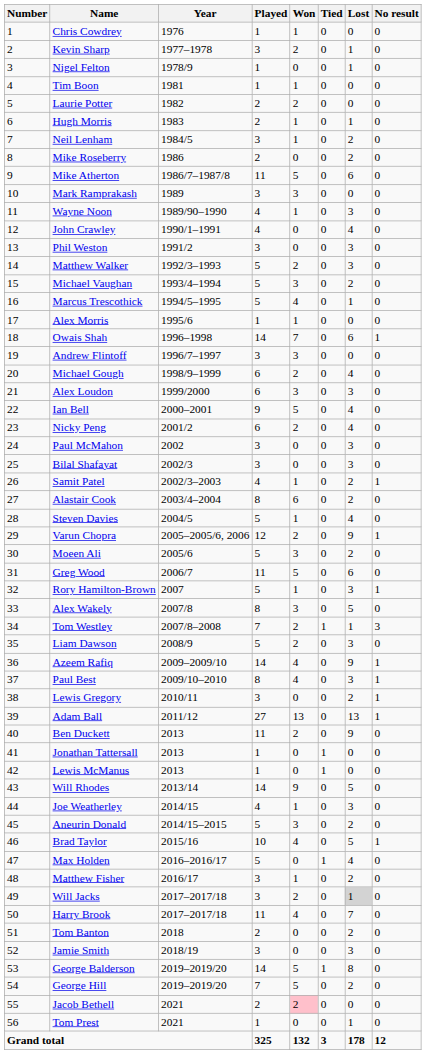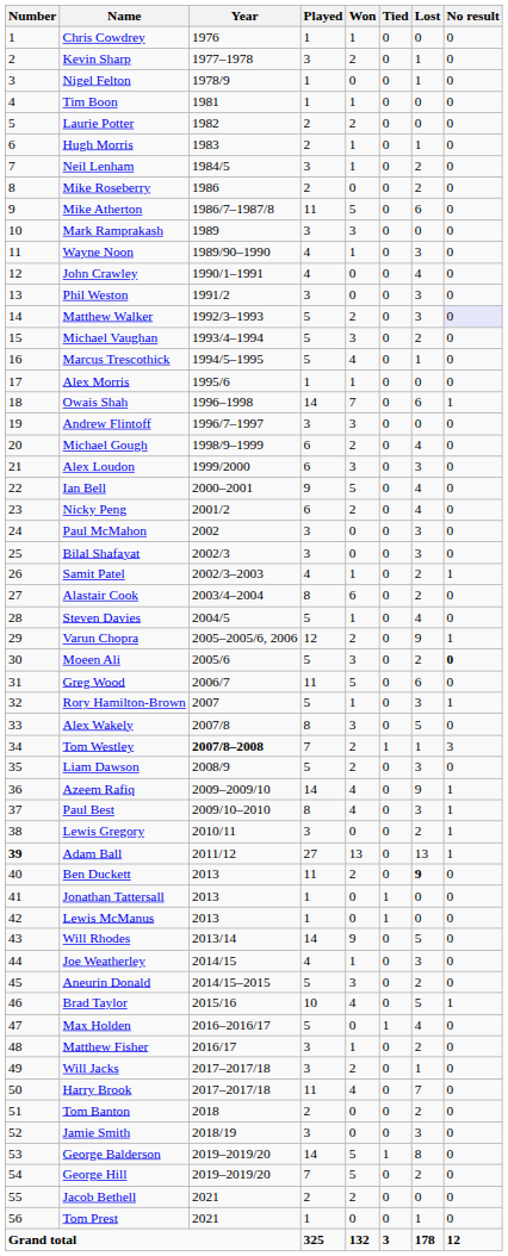 <table class="wikitable">
 <tr>
 <th>Number</th>
 <th>Name</th>
 <th>Year</th>
 <th>Played</th>
 <th>Won</th>
 <th>Tied</th>
 <th>Lost</th>
 <th>No result</th>
 </tr>
 <tr>
 <td>1</td>
 <td><a href='#'>Chris Cowdrey</a></td>
 <td>1976</td>
 <td>1</td>
 <td>1</td>
 <td>0</td>
 <td>0</td>
 <td>0</td>
 </tr>
 <tr>
 <td>2</td>
 <td><a href='#'>Kevin Sharp</a></td>
 <td>1977–1978</td>
 <td>3</td>
 <td>2</td>
 <td>0</td>
 <td>1</td>
 <td>0</td>
 </tr>
 <tr>
 <td>3</td>
 <td><a href='#'>Nigel Felton</a></td>
 <td>1978/9</td>
 <td>1</td>
 <td>0</td>
 <td>0</td>
 <td>1</td>
 <td>0</td>
 </tr>
 <tr>
 <td>4</td>
 <td><a href='#'>Tim Boon</a></td>
 <td>1981</td>
 <td>1</td>
 <td>1</td>
 <td>0</td>
 <td>0</td>
 <td>0</td>
 </tr>
 <tr>
 <td>5</td>
 <td><a href='#'>Laurie Potter</a></td>
 <td>1982</td>
 <td>2</td>
 <td>2</td>
 <td>0</td>
 <td>0</td>
 <td>0</td>
 </tr>
 <tr>
 <td>6</td>
 <td><a href='#'>Hugh Morris</a></td>
 <td>1983</td>
 <td>2</td>
 <td>1</td>
 <td>0</td>
 <td>1</td>
 <td>0</td>
 </tr>
 <tr>
 <td>7</td>
 <td><a href='#'>Neil Lenham</a></td>
 <td>1984/5</td>
 <td>3</td>
 <td>1</td>
 <td>0</td>
 <td>2</td>
 <td>0</td>
 </tr>
 <tr>
 <td>8</td>
 <td><a href='#'>Mike Roseberry</a></td>
 <td>1986</td>
 <td>2</td>
 <td>0</td>
 <td>0</td>
 <td>2</td>
 <td>0</td>
 </tr>
 <tr>
 <td>9</td>
 <td><a href='#'>Mike Atherton</a></td>
 <td>1986/7–1987/8</td>
 <td>11</td>
 <td>5</td>
 <td>0</td>
 <td>6</td>
 <td>0</td>
 </tr>
 <tr>
 <td>10</td>
 <td><a href='#'>Mark Ramprakash</a></td>
 <td>1989</td>
 <td>3</td>
 <td>3</td>
 <td>0</td>
 <td>0</td>
 <td>0</td>
 </tr>
 <tr>
 <td>11</td>
 <td><a href='#'>Wayne Noon</a></td>
 <td>1989/90–1990</td>
 <td>4</td>
 <td>1</td>
 <td>0</td>
 <td>3</td>
 <td>0</td>
 </tr>
 <tr>
 <td>12</td>
 <td><a href='#'>John Crawley</a></td>
 <td>1990/1–1991</td>
 <td>4</td>
 <td>0</td>
 <td>0</td>
 <td>4</td>
 <td>0</td>
 </tr>
 <tr>
 <td>13</td>
 <td><a href='#'>Phil Weston</a></td>
 <td>1991/2</td>
 <td>3</td>
 <td>0</td>
 <td>0</td>
 <td>3</td>
 <td>0</td>
 </tr>
 <tr>
 <td>14</td>
 <td><a href='#'>Matthew Walker</a></td>
 <td>1992/3–1993</td>
 <td>5</td>
 <td>2</td>
 <td>0</td>
 <td>3</td>
-<td>0</td>
+<td style="background: lavender;">0</td>
 </tr>
 <tr>
 <td>15</td>
 <td><a href='#'>Michael Vaughan</a></td>
 <td>1993/4–1994</td>
 <td>5</td>
 <td>3</td>
 <td>0</td>
 <td>2</td>
 <td>0</td>
 </tr>
 <tr>
 <td>16</td>
 <td><a href='#'>Marcus Trescothick</a></td>
 <td>1994/5–1995</td>
 <td>5</td>
 <td>4</td>
 <td>0</td>
 <td>1</td>
 <td>0</td>
 </tr>
 <tr>
 <td>17</td>
 <td><a href='#'>Alex Morris</a></td>
 <td>1995/6</td>
 <td>1</td>
 <td>1</td>
 <td>0</td>
 <td>0</td>
 <td>0</td>
 </tr>
 <tr>
 <td>18</td>
 <td><a href='#'>Owais Shah</a></td>
 <td>1996–1998</td>
 <td>14</td>
 <td>7</td>
 <td>0</td>
 <td>6</td>
 <td>1</td>
 </tr>
 <tr>
 <td>19</td>
 <td><a href='#'>Andrew Flintoff</a></td>
 <td>1996/7–1997</td>
 <td>3</td>
 <td>3</td>
 <td>0</td>
 <td>0</td>
 <td>0</td>
 </tr>
 <tr>
 <td>20</td>
 <td><a href='#'>Michael Gough</a></td>
 <td>1998/9–1999</td>
 <td>6</td>
 <td>2</td>
 <td>0</td>
 <td>4</td>
 <td>0</td>
 </tr>
 <tr>
 <td>21</td>
 <td><a href='#'>Alex Loudon</a></td>
 <td>1999/2000</td>
 <td>6</td>
 <td>3</td>
 <td>0</td>
 <td>3</td>
 <td>0</td>
 </tr>
 <tr>
 <td>22</td>
 <td><a href='#'>Ian Bell</a></td>
 <td>2000–2001</td>
 <td>9</td>
 <td>5</td>
 <td>0</td>
 <td>4</td>
 <td>0</td>
 </tr>
 <tr>
 <td>23</td>
 <td><a href='#'>Nicky Peng</a></td>
 <td>2001/2</td>
 <td>6</td>
 <td>2</td>
 <td>0</td>
 <td>4</td>
 <td>0</td>
 </tr>
 <tr>
 <td>24</td>
 <td><a href='#'>Paul McMahon</a></td>
 <td>2002</td>
 <td>3</td>
 <td>0</td>
 <td>0</td>
 <td>3</td>
 <td>0</td>
 </tr>
 <tr>
 <td>25</td>
 <td><a href='#'>Bilal Shafayat</a></td>
 <td>2002/3</td>
 <td>3</td>
 <td>0</td>
 <td>0</td>
 <td>3</td>
 <td>0</td>
 </tr>
 <tr>
 <td>26</td>
 <td><a href='#'>Samit Patel</a></td>
 <td>2002/3–2003</td>
 <td>4</td>
 <td>1</td>
 <td>0</td>
 <td>2</td>
 <td>1</td>
 </tr>
 <tr>
 <td>27</td>
 <td><a href='#'>Alastair Cook</a></td>
 <td>2003/4–2004</td>
 <td>8</td>
 <td>6</td>
 <td>0</td>
 <td>2</td>
 <td>0</td>
 </tr>
 <tr>
 <td>28</td>
 <td><a href='#'>Steven Davies</a></td>
 <td>2004/5</td>
 <td>5</td>
 <td>1</td>
 <td>0</td>
 <td>4</td>
 <td>0</td>
 </tr>
 <tr>
 <td>29</td>
 <td><a href='#'>Varun Chopra</a></td>
 <td>2005–2005/6, 2006</td>
 <td>12</td>
 <td>2</td>
 <td>0</td>
 <td>9</td>
 <td>1</td>
 </tr>
 <tr>
 <td>30</td>
 <td><a href='#'>Moeen Ali</a></td>
 <td>2005/6</td>
 <td>5</td>
 <td>3</td>
 <td>0</td>
 <td>2</td>
-<td>0</td>
+<td><strong>0</strong></td>
 </tr>
 <tr>
 <td>31</td>
 <td><a href='#'>Greg Wood</a></td>
 <td>2006/7</td>
 <td>11</td>
 <td>5</td>
 <td>0</td>
 <td>6</td>
 <td>0</td>
 </tr>
 <tr>
 <td>32</td>
 <td><a href='#'>Rory Hamilton-Brown</a></td>
 <td>2007</td>
 <td>5</td>
 <td>1</td>
 <td>0</td>
 <td>3</td>
 <td>1</td>
 </tr>
 <tr>
 <td>33</td>
 <td><a href='#'>Alex Wakely</a></td>
 <td>2007/8</td>
 <td>8</td>
 <td>3</td>
 <td>0</td>
 <td>5</td>
 <td>0</td>
 </tr>
 <tr>
 <td>34</td>
 <td><a href='#'>Tom Westley</a></td>
-<td>2007/8–2008</td>
+<td><strong>2007/8–2008</strong></td>
 <td>7</td>
 <td>2</td>
 <td>1</td>
 <td>1</td>
 <td>3</td>
 </tr>
 <tr>
 <td>35</td>
 <td><a href='#'>Liam Dawson</a></td>
 <td>2008/9</td>
 <td>5</td>
 <td>2</td>
 <td>0</td>
 <td>3</td>
 <td>0</td>
 </tr>
 <tr>
 <td>36</td>
 <td><a href='#'>Azeem Rafiq</a></td>
 <td>2009–2009/10</td>
 <td>14</td>
 <td>4</td>
 <td>0</td>
 <td>9</td>
 <td>1</td>
 </tr>
 <tr>
 <td>37</td>
 <td><a href='#'>Paul Best</a></td>
 <td>2009/10–2010</td>
 <td>8</td>
 <td>4</td>
 <td>0</td>
 <td>3</td>
 <td>1</td>
 </tr>
 <tr>
 <td>38</td>
 <td><a href='#'>Lewis Gregory</a></td>
 <td>2010/11</td>
 <td>3</td>
 <td>0</td>
 <td>0</td>
 <td>2</td>
 <td>1</td>
 </tr>
 <tr>
-<td>39</td>
+<td><strong>39</strong></td>
 <td><a href='#'>Adam Ball</a></td>
 <td>2011/12</td>
 <td>27</td>
 <td>13</td>
 <td>0</td>
 <td>13</td>
 <td>1</td>
 </tr>
 <tr>
 <td>40</td>
 <td><a href='#'>Ben Duckett</a></td>
 <td>2013</td>
 <td>11</td>
 <td>2</td>
 <td>0</td>
-<td>9</td>
+<td><strong>9</strong></td>
 <td>0</td>
 </tr>
 <tr>
 <td>41</td>
 <td><a href='#'>Jonathan Tattersall</a></td>
 <td>2013</td>
 <td>1</td>
 <td>0</td>
 <td>1</td>
 <td>0</td>
 <td>0</td>
 </tr>
 <tr>
 <td>42</td>
 <td><a href='#'>Lewis McManus</a></td>
 <td>2013</td>
 <td>1</td>
 <td>0</td>
 <td>1</td>
 <td>0</td>
 <td>0</td>
 </tr>
 <tr>
 <td>43</td>
 <td><a href='#'>Will Rhodes</a></td>
 <td>2013/14</td>
 <td>14</td>
 <td>9</td>
 <td>0</td>
 <td>5</td>
 <td>0</td>
 </tr>
 <tr>
 <td>44</td>
 <td><a href='#'>Joe Weatherley</a></td>
 <td>2014/15</td>
 <td>4</td>
 <td>1</td>
 <td>0</td>
 <td>3</td>
 <td>0</td>
 </tr>
 <tr>
 <td>45</td>
 <td><a href='#'>Aneurin Donald</a></td>
 <td>2014/15–2015</td>
 <td>5</td>
 <td>3</td>
 <td>0</td>
 <td>2</td>
 <td>0</td>
 </tr>
 <tr>
 <td>46</td>
 <td><a href='#'>Brad Taylor</a></td>
 <td>2015/16</td>
 <td>10</td>
 <td>4</td>
 <td>0</td>
 <td>5</td>
 <td>1</td>
 </tr>
 <tr>
 <td>47</td>
 <td><a href='#'>Max Holden</a></td>
 <td>2016–2016/17</td>
 <td>5</td>
 <td>0</td>
 <td>1</td>
 <td>4</td>
 <td>0</td>
 </tr>
 <tr>
 <td>48</td>
 <td><a href='#'>Matthew Fisher</a></td>
 <td>2016/17</td>
 <td>3</td>
 <td>1</td>
 <td>0</td>
 <td>2</td>
 <td>0</td>
 </tr>
 <tr>
 <td>49</td>
 <td><a href='#'>Will Jacks</a></td>
 <td>2017–2017/18</td>
 <td>3</td>
 <td>2</td>
 <td>0</td>
-<td style="background: lightgrey;">1</td>
+<td>1</td>
 <td>0</td>
 </tr>
 <tr>
 <td>50</td>
 <td><a href='#'>Harry Brook</a></td>
 <td>2017–2017/18</td>
 <td>11</td>
 <td>4</td>
 <td>0</td>
 <td>7</td>
 <td>0</td>
 </tr>
 <tr>
 <td>51</td>
 <td><a href='#'>Tom Banton</a></td>
 <td>2018</td>
 <td>2</td>
 <td>0</td>
 <td>0</td>
 <td>2</td>
 <td>0</td>
 </tr>
 <tr>
 <td>52</td>
 <td><a href='#'>Jamie Smith</a></td>
 <td>2018/19</td>
 <td>3</td>
 <td>0</td>
 <td>0</td>
 <td>3</td>
 <td>0</td>
 </tr>
 <tr>
 <td>53</td>
 <td><a href='#'>George Balderson</a></td>
 <td>2019–2019/20</td>
 <td>14</td>
 <td>5</td>
 <td>1</td>
 <td>8</td>
 <td>0</td>
 </tr>
 <tr>
 <td>54</td>
 <td><a href='#'>George Hill</a></td>
 <td>2019–2019/20</td>
 <td>7</td>
 <td>5</td>
 <td>0</td>
 <td>2</td>
 <td>0</td>
 </tr>
 <tr>
 <td>55</td>
 <td><a href='#'>Jacob Bethell</a></td>
 <td>2021</td>
 <td>2</td>
-<td style="background: pink;">2</td>
+<td>2</td>
 <td>0</td>
 <td>0</td>
 <td>0</td>
 </tr>
 <tr>
 <td>56</td>
 <td><a href='#'>Tom Prest</a></td>
 <td>2021</td>
 <td>1</td>
 <td>0</td>
 <td>0</td>
 <td>1</td>
 <td>0</td>
 </tr>
 <tr>
 <td colspan=3><strong>Grand total</strong></td>
 <td><strong>325</strong></td>
 <td><strong>132</strong></td>
 <td><strong>3</strong></td>
 <td><strong>178</strong></td>
 <td><strong>12</strong></td>
 </tr>
 </table>
